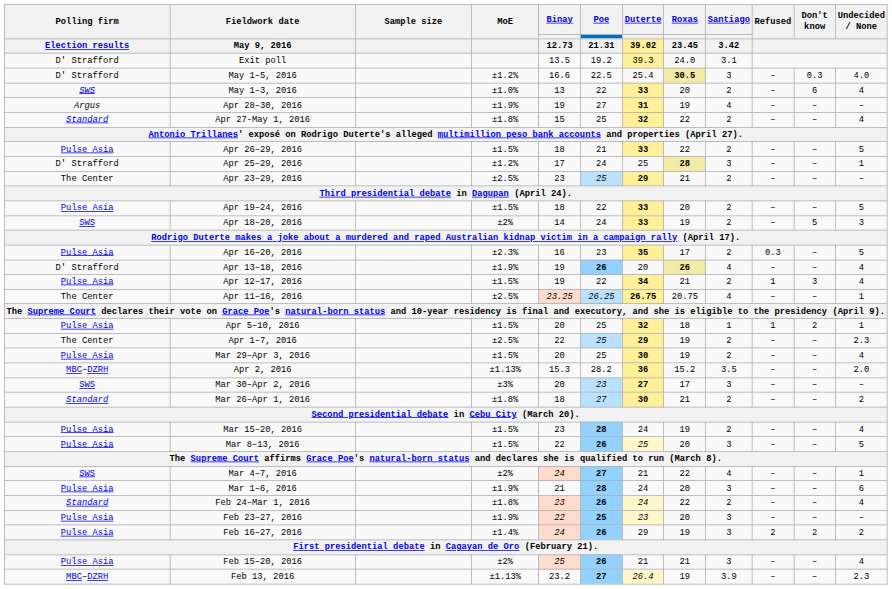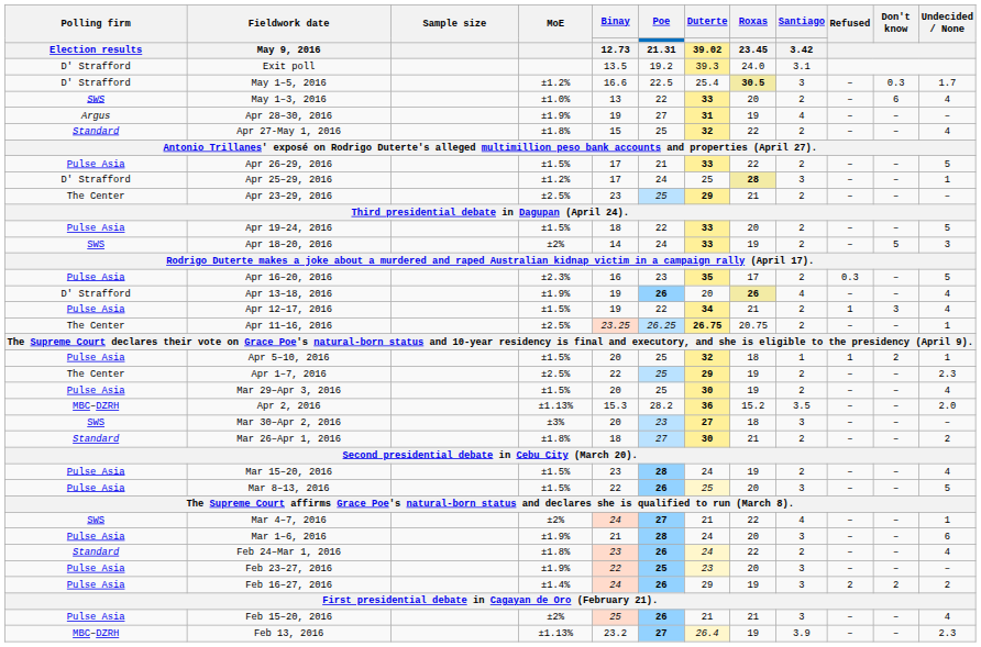 <table class="wikitable" style="text-align:center;font-size:90%;line-height:14px;">
 <tr style="height:40px;">
 <th rowspan="2">Polling firm</th>
 <th rowspan="2">Fieldwork date</th>
 <th rowspan="2">Sample size</th>
 <th rowspan="2"><abbr>MoE</abbr></th>
 <th style="width:50px;"><a href='#'>Binay</a><br></th>
 <th style="width:50px;"><a href='#'>Poe</a><br></th>
 <th style="width:50px;"><a href='#'>Duterte</a><br></th>
 <th style="width:50px;"><a href='#'>Roxas</a><br></th>
 <th style="width:50px;"><a href='#'>Santiago</a><br></th>
 <th style="width:50px;" rowspan="2">Refused</th>
 <th style="width:50px;" rowspan="2">Don't know</th>
 <th style="width:50px;" rowspan="2">Undecided / None</th>
 </tr>
 <tr>
 <th style="background:"></th>
 <th style="background:#0070C0;"></th>
 <th style="background:"></th>
 <th style="background:"></th>
 <th style="background:"></th>
 </tr>
 <tr>
 <th><a href='#'>Election results</a></th>
 <th>May 9, 2016</th>
 <th></th>
 <th></th>
 <th>12.73</th>
 <th>21.31</th>
 <th style="background:#fff099;"><strong>39.02</strong></th>
 <th>23.45</th>
 <th>3.42</th>
 <th colspan="3"></th>
 </tr>
 <tr>
 <td>D' Strafford</td>
 <td>Exit poll</td>
 <td></td>
 <td></td>
 <td>13.5</td>
 <td>19.2</td>
 <td style="background:#fff099;">39.3</td>
 <td>24.0</td>
 <td>3.1</td>
 <td colspan="3"></td>
 </tr>
 <tr>
 <td>D' Strafford</td>
 <td>May 1–5, 2016</td>
 <td></td>
 <td>±1.2%</td>
 <td>16.6</td>
 <td>22.5</td>
 <td>25.4</td>
 <td style="background:#f3eba5;"><strong>30.5</strong></td>
 <td>3</td>
 <td>–</td>
 <td>0.3</td>
-<td>4.0</td>
+<td>1.7</td>
 </tr>
 <tr>
 <td><em><a href='#'>SWS</a></em></td>
 <td>May 1–3, 2016</td>
 <td></td>
 <td>±1.0%</td>
 <td>13</td>
 <td>22</td>
 <td style="background:#fff099;"><strong>33</strong></td>
 <td>20</td>
 <td>2</td>
 <td>–</td>
 <td>6</td>
 <td>4</td>
 </tr>
 <tr>
 <td><em>Argus</em></td>
 <td>Apr 28–30, 2016</td>
 <td></td>
 <td>±1.9%</td>
 <td>19</td>
 <td>27</td>
 <td style="background:#fff099;"><strong>31</strong></td>
 <td>19</td>
 <td>4</td>
 <td>–</td>
 <td>–</td>
 <td>–</td>
 </tr>
 <tr>
 <td><em><a href='#'>Standard</a></em></td>
 <td>Apr 27-May 1, 2016</td>
 <td></td>
 <td>±1.8%</td>
 <td>15</td>
 <td>25</td>
 <td style="background:#fff099;"><strong>32</strong></td>
 <td>22</td>
 <td>2</td>
 <td>–</td>
 <td>–</td>
 <td>4</td>
 </tr>
 <tr>
 <th colspan="12"><a href='#'>Antonio Trillanes</a>' exposé on Rodrigo Duterte's alleged <a href='#'>multimillion peso bank accounts</a> and properties (April 27).</th>
 </tr>
 <tr>
 <td><a href='#'>Pulse Asia</a></td>
 <td>Apr 26–29, 2016</td>
 <td></td>
 <td>±1.5%</td>
-<td>18</td>
+<td>17</td>
 <td>21</td>
 <td style="background:#fff099;"><strong>33</strong></td>
 <td>22</td>
 <td>2</td>
 <td>–</td>
 <td>–</td>
 <td>5</td>
 </tr>
 <tr>
 <td>D' Strafford</td>
 <td>Apr 25–29, 2016</td>
 <td></td>
 <td>±1.2%</td>
 <td>17</td>
 <td>24</td>
 <td>25</td>
 <td style="background:#f3eba5;"><strong>28</strong></td>
 <td>3</td>
 <td>–</td>
 <td>–</td>
 <td>1</td>
 </tr>
 <tr>
 <td>The Center</td>
 <td>Apr 23–29, 2016</td>
 <td></td>
 <td>±2.5%</td>
 <td>23</td>
 <td style="background:#bae2ff;"><em>25</em></td>
 <td style="background:#fff099;"><strong>29</strong></td>
 <td>21</td>
 <td>2</td>
 <td>–</td>
 <td>–</td>
 <td>–</td>
 </tr>
 <tr>
 <th colspan="12"><a href='#'>Third presidential debate</a> in <a href='#'>Dagupan</a> (April 24).</th>
 </tr>
 <tr>
 <td><a href='#'>Pulse Asia</a></td>
 <td>Apr 19–24, 2016</td>
 <td></td>
 <td>±1.5%</td>
 <td>18</td>
 <td>22</td>
 <td style="background:#fff099;"><strong>33</strong></td>
 <td>20</td>
 <td>2</td>
 <td>–</td>
 <td>–</td>
 <td>5</td>
 </tr>
 <tr>
 <td><a href='#'>SWS</a></td>
 <td>Apr 18–20, 2016</td>
 <td></td>
 <td>±2%</td>
 <td>14</td>
 <td>24</td>
 <td style="background:#fff099;"><strong>33</strong></td>
 <td>19</td>
 <td>2</td>
 <td>–</td>
 <td>5</td>
 <td>3</td>
 </tr>
 <tr>
 <th colspan="12"><a href='#'>Rodrigo Duterte makes a joke about a murdered and raped Australian kidnap victim in a campaign rally</a> (April 17).</th>
 </tr>
 <tr>
 <td><a href='#'>Pulse Asia</a></td>
 <td>Apr 16–20, 2016</td>
 <td></td>
 <td>±2.3%</td>
 <td>16</td>
 <td>23</td>
 <td style="background:#fff099;"><strong>35</strong></td>
 <td>17</td>
 <td>2</td>
 <td>0.3</td>
 <td>–</td>
 <td>5</td>
 </tr>
 <tr>
 <td>D' Strafford</td>
 <td>Apr 13–18, 2016</td>
 <td></td>
 <td>±1.9%</td>
 <td>19</td>
 <td style="background:#93d2ff;"><strong>26</strong></td>
 <td>20</td>
 <td style="background:#f3eba5;"><strong>26</strong></td>
 <td>4</td>
 <td>–</td>
 <td>–</td>
 <td>4</td>
 </tr>
 <tr>
 <td><a href='#'>Pulse Asia</a></td>
 <td>Apr 12–17, 2016</td>
 <td></td>
 <td>±1.5%</td>
 <td>19</td>
 <td>22</td>
 <td style="background:#fff099;"><strong>34</strong></td>
 <td>21</td>
 <td>2</td>
 <td>1</td>
 <td>3</td>
 <td>4</td>
 </tr>
 <tr>
 <td>The Center</td>
 <td>Apr 11–16, 2016</td>
 <td></td>
 <td>±2.5%</td>
 <td style="background:#FFDBCC;"><em>23.25</em></td>
 <td style="background:#bae2ff;"><em>26.25</em></td>
 <td style="background:#fff099;"><strong>26.75</strong></td>
 <td>20.75</td>
-<td>4</td>
+<td>2</td>
 <td>–</td>
 <td>–</td>
 <td>1</td>
 </tr>
 <tr>
 <th colspan="12">The <a href='#'>Supreme Court</a> declares their vote on <a href='#'>Grace Poe</a>'s <a href='#'>natural-born status</a> and 10-year residency is final and executory, and she is eligible to the presidency (April 9).</th>
 </tr>
 <tr>
 <td><a href='#'>Pulse Asia</a></td>
 <td>Apr 5–10, 2016</td>
 <td></td>
 <td>±1.5%</td>
 <td>20</td>
 <td>25</td>
 <td style="background:#fff099;"><strong>32</strong></td>
 <td>18</td>
 <td>1</td>
 <td>1</td>
 <td>2</td>
 <td>1</td>
 </tr>
 <tr>
 <td>The Center</td>
 <td>Apr 1–7, 2016</td>
 <td></td>
 <td>±2.5%</td>
 <td>22</td>
 <td style="background:#bae2ff;"><em>25</em></td>
 <td style="background:#fff099;"><strong>29</strong></td>
 <td>19</td>
 <td>2</td>
 <td>–</td>
 <td>–</td>
 <td>2.3</td>
 </tr>
 <tr>
 <td><a href='#'>Pulse Asia</a></td>
 <td>Mar 29–Apr 3, 2016</td>
 <td></td>
 <td>±1.5%</td>
 <td>20</td>
 <td>25</td>
 <td style="background:#fff099;"><strong>30</strong></td>
 <td>19</td>
 <td>2</td>
 <td>–</td>
 <td>–</td>
 <td>4</td>
 </tr>
 <tr>
 <td><a href='#'>MBC</a>–<a href='#'>DZRH</a></td>
 <td>Apr 2, 2016</td>
 <td></td>
 <td>±1.13%</td>
 <td>15.3</td>
 <td>28.2</td>
 <td style="background:#fff099;"><strong>36</strong></td>
 <td>15.2</td>
 <td>3.5</td>
 <td>–</td>
 <td>–</td>
 <td>2.0</td>
 </tr>
 <tr>
 <td><a href='#'>SWS</a></td>
 <td>Mar 30–Apr 2, 2016</td>
 <td></td>
 <td>±3%</td>
 <td>20</td>
 <td style="background:#bae2ff;"><em>23</em></td>
 <td style="background:#fff099;"><strong>27</strong></td>
-<td>17</td>
+<td>18</td>
 <td>3</td>
 <td>–</td>
 <td>–</td>
 <td>–</td>
 </tr>
 <tr>
 <td><em><a href='#'>Standard</a></em> </td>
 <td>Mar 26–Apr 1, 2016</td>
 <td></td>
 <td>±1.8%</td>
 <td>18</td>
 <td style="background:#bae2ff;"><em>27</em></td>
 <td style="background:#fff099;"><strong>30</strong></td>
 <td>21</td>
 <td>2</td>
 <td>–</td>
 <td>–</td>
 <td>2</td>
 </tr>
 <tr>
 <th colspan="12"><a href='#'>Second presidential debate</a> in <a href='#'>Cebu City</a> (March 20).</th>
 </tr>
 <tr>
 <td><a href='#'>Pulse Asia</a></td>
 <td>Mar 15–20, 2016</td>
 <td></td>
 <td>±1.5%</td>
 <td>23</td>
 <td style="background:#93d2ff;"><strong>28</strong></td>
 <td>24</td>
 <td>19</td>
 <td>2</td>
 <td>–</td>
 <td>–</td>
 <td>4</td>
 </tr>
 <tr>
 <td><a href='#'>Pulse Asia</a></td>
 <td>Mar 8–13, 2016</td>
 <td></td>
 <td>±1.5%</td>
 <td>22</td>
 <td style="background:#93d2ff;"><strong>26</strong></td>
 <td style="background:#fff7cc;"><em>25</em></td>
 <td>20</td>
 <td>3</td>
 <td>–</td>
 <td>–</td>
 <td>5</td>
 </tr>
 <tr>
 <th colspan="12">The <a href='#'>Supreme Court</a> affirms <a href='#'>Grace Poe</a>'s <a href='#'>natural-born status</a> and declares she is qualified to run (March 8).</th>
 </tr>
 <tr>
 <td><a href='#'>SWS</a></td>
 <td>Mar 4–7, 2016</td>
 <td></td>
 <td>±2%</td>
 <td style="background:#FFDBCC;"><em>24</em></td>
 <td style="background:#93d2ff;"><strong>27</strong></td>
 <td>21</td>
 <td>22</td>
 <td>4</td>
 <td>–</td>
 <td>–</td>
 <td>1</td>
 </tr>
 <tr>
 <td><a href='#'>Pulse Asia</a></td>
 <td>Mar 1–6, 2016</td>
 <td></td>
 <td>±1.9%</td>
 <td>21</td>
 <td style="background:#93d2ff;"><strong>28</strong></td>
 <td>24</td>
 <td>20</td>
 <td>3</td>
 <td>–</td>
 <td>–</td>
 <td>6</td>
 </tr>
 <tr>
 <td><em><a href='#'>Standard</a></em></td>
 <td>Feb 24–Mar 1, 2016</td>
 <td></td>
 <td>±1.8%</td>
 <td style="background:#FFDBCC;"><em>23</em></td>
 <td style="background:#93d2ff;"><strong>26</strong></td>
 <td style="background:#fff7cc;"><em>24</em></td>
 <td>22</td>
 <td>2</td>
 <td>–</td>
 <td>–</td>
 <td>4</td>
 </tr>
 <tr>
 <td><a href='#'>Pulse Asia</a></td>
 <td>Feb 23–27, 2016</td>
 <td></td>
 <td>±1.9%</td>
 <td style="background:#FFDBCC;"><em>22</em></td>
 <td style="background:#93d2ff;"><strong>25</strong></td>
 <td style="background:#fff7cc;"><em>23</em></td>
 <td>20</td>
 <td>3</td>
 <td>–</td>
 <td>–</td>
 <td>–</td>
 </tr>
 <tr>
 <td><a href='#'>Pulse Asia</a></td>
 <td>Feb 16–27, 2016</td>
 <td></td>
 <td>±1.4%</td>
 <td style="background:#FFDBCC;"><em>24</em></td>
 <td style="background:#93d2ff;"><strong>26</strong></td>
 <td>29</td>
 <td>19</td>
 <td>3</td>
 <td>2</td>
 <td>2</td>
 <td>2</td>
 </tr>
 <tr>
 <th colspan="12"><a href='#'>First presidential debate</a> in <a href='#'>Cagayan de Oro</a> (February 21).</th>
 </tr>
 <tr>
 <td><a href='#'>Pulse Asia</a></td>
 <td>Feb 15–20, 2016</td>
 <td></td>
 <td>±2%</td>
 <td style="background:#FFDBCC;"><em>25</em></td>
 <td style="background:#93d2ff;"><strong>26</strong></td>
 <td>21</td>
 <td>21</td>
 <td>3</td>
 <td>–</td>
 <td>–</td>
 <td>4</td>
 </tr>
 <tr>
 <td><a href='#'>MBC</a>–<a href='#'>DZRH</a></td>
 <td>Feb 13, 2016</td>
 <td></td>
 <td>±1.13%</td>
 <td>23.2</td>
 <td style="background:#93d2ff;"><strong>27</strong></td>
 <td style="background:#fff7cc;"><em>26.4</em></td>
 <td>19</td>
 <td>3.9</td>
 <td>–</td>
 <td>–</td>
 <td>2.3</td>
 </tr>
 </table>
